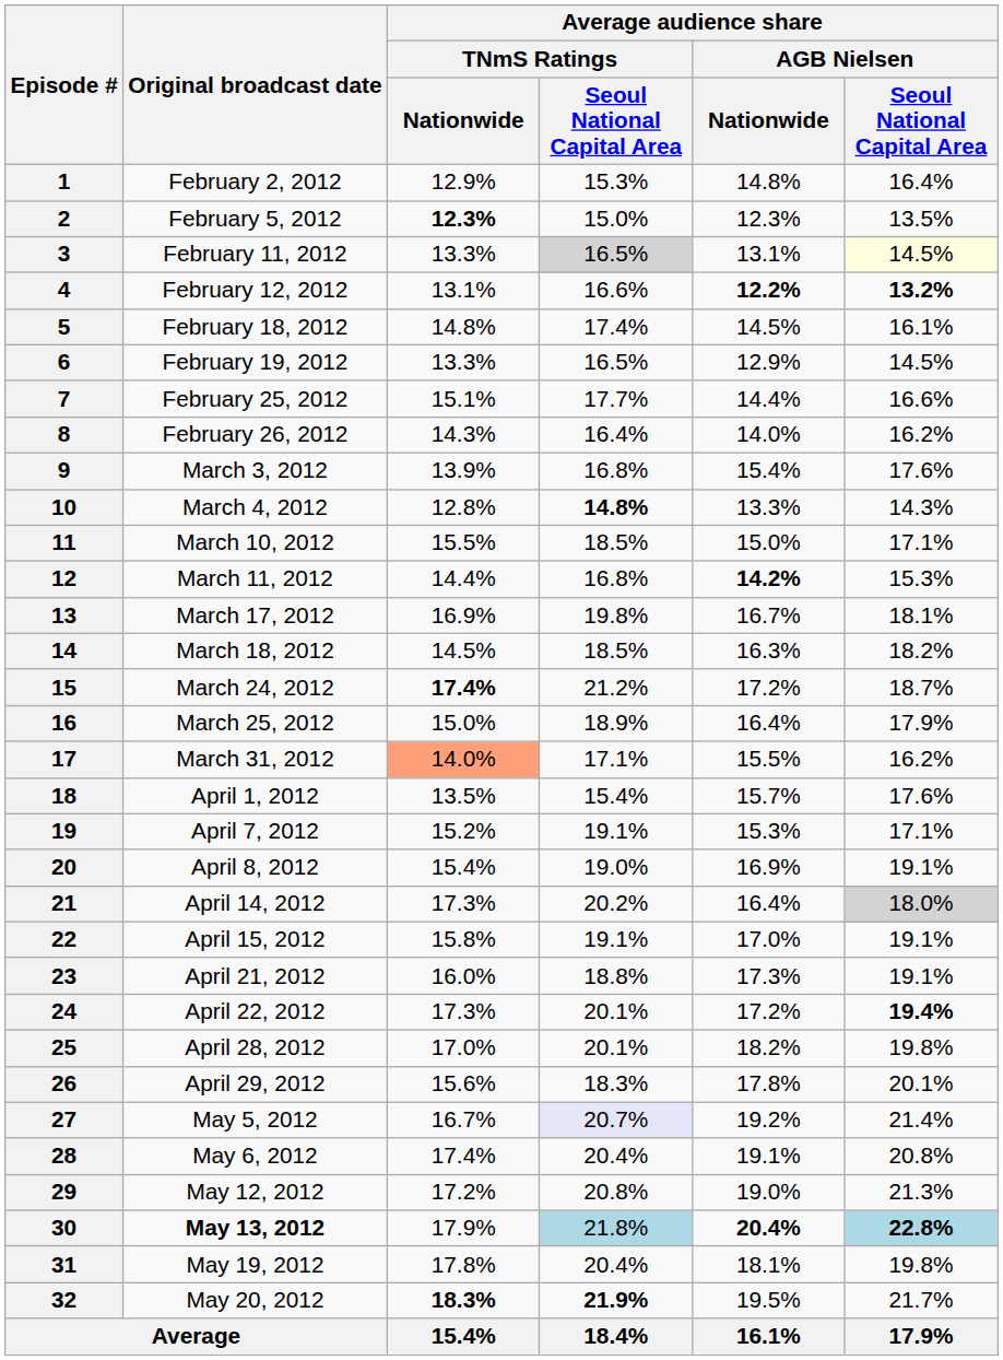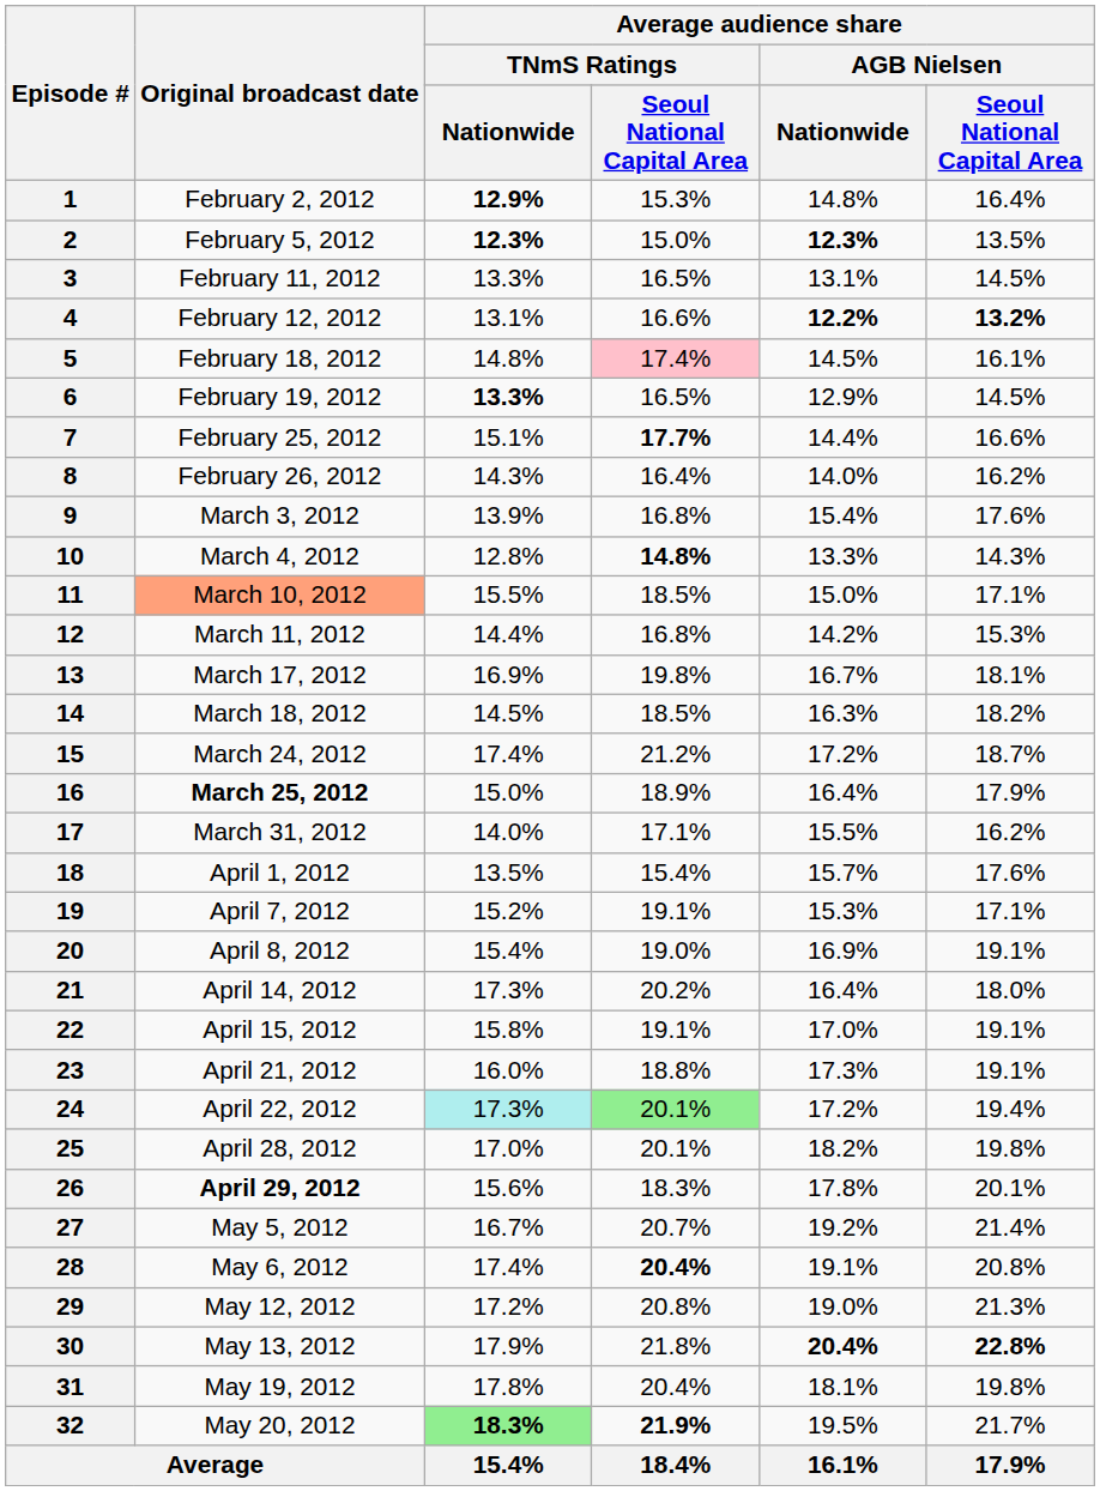 <table class=wikitable style="text-align:center">
 <tr>
 <th rowspan="3">Episode #</th>
 <th rowspan="3">Original broadcast date</th>
 <th colspan="4">Average audience share</th>
 </tr>
 <tr>
 <th colspan="2">TNmS Ratings</th>
 <th colspan="2">AGB Nielsen</th>
 </tr>
 <tr>
 <th width=100>Nationwide</th>
 <th width=100><a href='#'>Seoul National Capital Area</a></th>
 <th width=100>Nationwide</th>
 <th width=100><a href='#'>Seoul National Capital Area</a></th>
 </tr>
 <tr>
 <th>1</th>
 <td>February 2, 2012</td>
-<td>12.9%</td>
+<td><strong>12.9%</strong></td>
 <td>15.3%</td>
 <td>14.8%</td>
 <td>16.4%</td>
 </tr>
 <tr>
 <th>2</th>
 <td>February 5, 2012</td>
 <td><span><strong>12.3%</strong></span></td>
 <td>15.0%</td>
-<td>12.3%</td>
+<td><strong>12.3%</strong></td>
 <td>13.5%</td>
 </tr>
 <tr>
 <th>3</th>
 <td>February 11, 2012</td>
 <td>13.3%</td>
-<td style="background: lightgrey;">16.5%</td>
+<td>16.5%</td>
 <td>13.1%</td>
-<td style="background: lightyellow;">14.5%</td>
+<td>14.5%</td>
 </tr>
 <tr>
 <th>4</th>
 <td>February 12, 2012</td>
 <td>13.1%</td>
 <td>16.6%</td>
 <td><span><strong>12.2%</strong></span></td>
 <td><span><strong>13.2%</strong></span></td>
 </tr>
 <tr>
 <th>5</th>
 <td>February 18, 2012</td>
 <td>14.8%</td>
-<td>17.4%</td>
+<td style="background: pink;">17.4%</td>
 <td>14.5%</td>
 <td>16.1%</td>
 </tr>
 <tr>
 <th>6</th>
 <td>February 19, 2012</td>
-<td>13.3%</td>
+<td><strong>13.3%</strong></td>
 <td>16.5%</td>
 <td>12.9%</td>
 <td>14.5%</td>
 </tr>
 <tr>
 <th>7</th>
 <td>February 25, 2012</td>
 <td>15.1%</td>
-<td>17.7%</td>
+<td><strong>17.7%</strong></td>
 <td>14.4%</td>
 <td>16.6%</td>
 </tr>
 <tr>
 <th>8</th>
 <td>February 26, 2012</td>
 <td>14.3%</td>
 <td>16.4%</td>
 <td>14.0%</td>
 <td>16.2%</td>
 </tr>
 <tr>
 <th>9</th>
 <td>March 3, 2012</td>
 <td>13.9%</td>
 <td>16.8%</td>
 <td>15.4%</td>
 <td>17.6%</td>
 </tr>
 <tr>
 <th>10</th>
 <td>March 4, 2012</td>
 <td>12.8%</td>
 <td><span><strong>14.8%</strong></span></td>
 <td>13.3%</td>
 <td>14.3%</td>
 </tr>
 <tr>
 <th>11</th>
-<td>March 10, 2012</td>
+<td style="background: lightsalmon;">March 10, 2012</td>
 <td>15.5%</td>
 <td>18.5%</td>
 <td>15.0%</td>
 <td>17.1%</td>
 </tr>
 <tr>
 <th>12</th>
 <td>March 11, 2012</td>
 <td>14.4%</td>
 <td>16.8%</td>
-<td><strong>14.2%</strong></td>
+<td>14.2%</td>
 <td>15.3%</td>
 </tr>
 <tr>
 <th>13</th>
 <td>March 17, 2012</td>
 <td>16.9%</td>
 <td>19.8%</td>
 <td>16.7%</td>
 <td>18.1%</td>
 </tr>
 <tr>
 <th>14</th>
 <td>March 18, 2012</td>
 <td>14.5%</td>
 <td>18.5%</td>
 <td>16.3%</td>
 <td>18.2%</td>
 </tr>
 <tr>
 <th>15</th>
 <td>March 24, 2012</td>
-<td><strong>17.4%</strong></td>
+<td>17.4%</td>
 <td>21.2%</td>
 <td>17.2%</td>
 <td>18.7%</td>
 </tr>
 <tr>
 <th>16</th>
-<td>March 25, 2012</td>
+<td><strong>March 25, 2012</strong></td>
 <td>15.0%</td>
 <td>18.9%</td>
 <td>16.4%</td>
 <td>17.9%</td>
 </tr>
 <tr>
 <th>17</th>
 <td>March 31, 2012</td>
-<td style="background: lightsalmon;">14.0%</td>
+<td>14.0%</td>
 <td>17.1%</td>
 <td>15.5%</td>
 <td>16.2%</td>
 </tr>
 <tr>
 <th>18</th>
 <td>April 1, 2012</td>
 <td>13.5%</td>
 <td>15.4%</td>
 <td>15.7%</td>
 <td>17.6%</td>
 </tr>
 <tr>
 <th>19</th>
 <td>April 7, 2012</td>
 <td>15.2%</td>
 <td>19.1%</td>
 <td>15.3%</td>
 <td>17.1%</td>
 </tr>
 <tr>
 <th>20</th>
 <td>April 8, 2012</td>
 <td>15.4%</td>
 <td>19.0%</td>
 <td>16.9%</td>
 <td>19.1%</td>
 </tr>
 <tr>
 <th>21</th>
 <td>April 14, 2012</td>
 <td>17.3%</td>
 <td>20.2%</td>
 <td>16.4%</td>
-<td style="background: lightgrey;">18.0%</td>
+<td>18.0%</td>
 </tr>
 <tr>
 <th>22</th>
 <td>April 15, 2012</td>
 <td>15.8%</td>
 <td>19.1%</td>
 <td>17.0%</td>
 <td>19.1%</td>
 </tr>
 <tr>
 <th>23</th>
 <td>April 21, 2012</td>
 <td>16.0%</td>
 <td>18.8%</td>
 <td>17.3%</td>
 <td>19.1%</td>
 </tr>
 <tr>
 <th>24</th>
 <td>April 22, 2012</td>
-<td>17.3%</td>
-<td>20.1%</td>
+<td style="background: paleturquoise;">17.3%</td>
+<td style="background: lightgreen;">20.1%</td>
 <td>17.2%</td>
-<td><strong>19.4%</strong></td>
+<td>19.4%</td>
 </tr>
 <tr>
 <th>25</th>
 <td>April 28, 2012</td>
 <td>17.0%</td>
 <td>20.1%</td>
 <td>18.2%</td>
 <td>19.8%</td>
 </tr>
 <tr>
 <th>26</th>
-<td>April 29, 2012</td>
+<td><strong>April 29, 2012</strong></td>
 <td>15.6%</td>
 <td>18.3%</td>
 <td>17.8%</td>
 <td>20.1%</td>
 </tr>
 <tr>
 <th>27</th>
 <td>May 5, 2012</td>
 <td>16.7%</td>
-<td style="background: lavender;">20.7%</td>
+<td>20.7%</td>
 <td>19.2%</td>
 <td>21.4%</td>
 </tr>
 <tr>
 <th>28</th>
 <td>May 6, 2012</td>
 <td>17.4%</td>
-<td>20.4%</td>
+<td><strong>20.4%</strong></td>
 <td>19.1%</td>
 <td>20.8%</td>
 </tr>
 <tr>
 <th>29</th>
 <td>May 12, 2012</td>
 <td>17.2%</td>
 <td>20.8%</td>
 <td>19.0%</td>
 <td>21.3%</td>
 </tr>
 <tr>
 <th>30</th>
-<td><strong>May 13, 2012</strong></td>
+<td>May 13, 2012</td>
 <td>17.9%</td>
-<td style="background: lightblue;">21.8%</td>
+<td>21.8%</td>
 <td><span><strong>20.4%</strong></span></td>
-<td style="background: lightblue;"><span><strong>22.8%</strong></span></td>
+<td><span><strong>22.8%</strong></span></td>
 </tr>
 <tr>
 <th>31</th>
 <td>May 19, 2012</td>
 <td>17.8%</td>
 <td>20.4%</td>
 <td>18.1%</td>
 <td>19.8%</td>
 </tr>
 <tr>
 <th>32</th>
 <td>May 20, 2012</td>
-<td><span><strong>18.3%</strong></span></td>
+<td style="background: lightgreen;"><span><strong>18.3%</strong></span></td>
 <td><span><strong>21.9%</strong></span></td>
 <td>19.5%</td>
 <td>21.7%</td>
 </tr>
 <tr>
 <th colspan=2>Average</th>
 <th>15.4%</th>
 <th>18.4%</th>
 <th>16.1%</th>
 <th>17.9%</th>
 </tr>
 </table>
